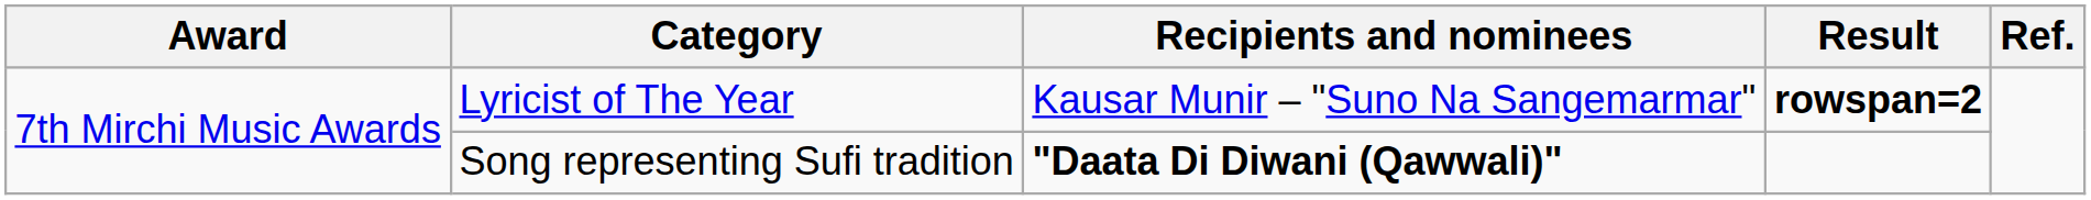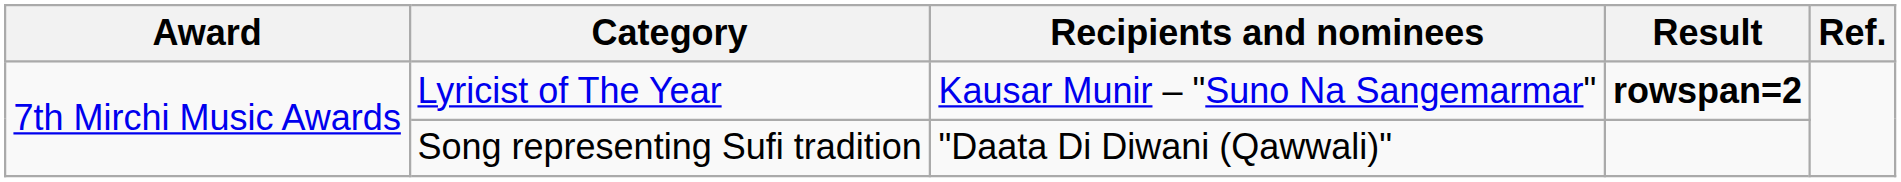 <table class="wikitable sortable">
 <tr>
 <th>Award</th>
 <th>Category</th>
 <th>Recipients and nominees</th>
 <th>Result</th>
 <th>Ref.</th>
 </tr>
 <tr>
 <td rowspan=2><a href='#'>7th Mirchi Music Awards</a></td>
 <td><a href='#'>Lyricist of The Year</a></td>
 <td><a href='#'>Kausar Munir</a> – "<a href='#'>Suno Na Sangemarmar</a>"</td>
 <td><strong>rowspan=2 </strong></td>
 <td rowspan=2></td>
 </tr>
 <tr>
 <td>Song representing Sufi tradition</td>
-<td><strong>"Daata Di Diwani (Qawwali)"</strong></td>
+<td>"Daata Di Diwani (Qawwali)"</td>
 </tr>
 </table>
